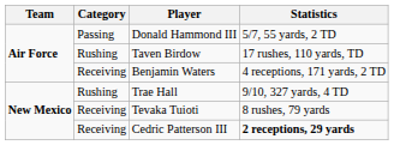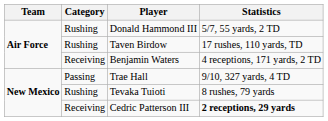 <table class="wikitable" style="float: left;">
 <tr>
 <th>Team</th>
 <th>Category</th>
 <th>Player</th>
 <th>Statistics</th>
 </tr>
 <tr>
 <td rowspan=3><strong>Air Force</strong></td>
-<td>Passing</td>
+<td>Rushing</td>
 <td>Donald Hammond III</td>
 <td>5/7, 55 yards, 2 TD</td>
 </tr>
 <tr>
 <td>Rushing</td>
 <td>Taven Birdow</td>
 <td>17 rushes, 110 yards, TD</td>
 </tr>
 <tr>
 <td>Receiving</td>
 <td>Benjamin Waters</td>
 <td>4 receptions, 171 yards, 2 TD</td>
 </tr>
 <tr>
 <td rowspan=3><strong>New Mexico</strong></td>
-<td>Rushing</td>
+<td>Passing</td>
 <td>Trae Hall</td>
 <td>9/10, 327 yards, 4 TD</td>
 </tr>
 <tr>
-<td>Receiving</td>
+<td>Rushing</td>
 <td>Tevaka Tuioti</td>
 <td>8 rushes, 79 yards</td>
 </tr>
 <tr>
 <td>Receiving</td>
 <td>Cedric Patterson III</td>
 <td><strong>2 receptions, 29 yards</strong></td>
 </tr>
 </table>
